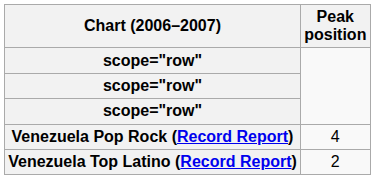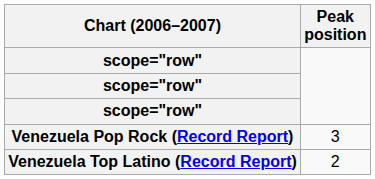 <table class="wikitable sortable plainrowheaders">
 <tr>
 <th style="text-align:center;">Chart (2006–2007)</th>
 <th style="text-align:center;">Peak<br>position</th>
 </tr>
 <tr>
 <th>scope="row" </th>
 </tr>
 <tr>
 <th>scope="row" </th>
 </tr>
 <tr>
 <th>scope="row" </th>
 </tr>
 <tr>
 <th scope="row">Venezuela Pop Rock (<a href='#'>Record Report</a>)</th>
-<td align="center">4</td>
+<td align="center">3</td>
 </tr>
 <tr>
 <th scope="row">Venezuela Top Latino (<a href='#'>Record Report</a>)</th>
 <td align="center">2</td>
 </tr>
 </table>
